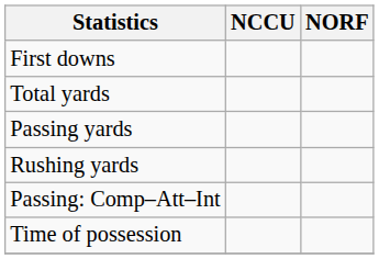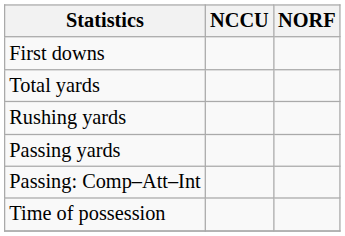 <table class="wikitable" style="float: left;">
 <tr>
 <th>Statistics</th>
 <th>NCCU</th>
 <th>NORF</th>
 </tr>
 <tr>
 <td>First downs</td>
 <td></td>
 <td></td>
 </tr>
 <tr>
 <td>Total yards</td>
 <td></td>
 <td></td>
 </tr>
 <tr>
-<td>Passing yards</td>
+<td>Rushing yards</td>
 <td></td>
 <td></td>
 </tr>
 <tr>
-<td>Rushing yards</td>
+<td>Passing yards</td>
 <td></td>
 <td></td>
 </tr>
 <tr>
 <td>Passing: Comp–Att–Int</td>
 <td></td>
 <td></td>
 </tr>
 <tr>
 <td>Time of possession</td>
 <td></td>
 <td></td>
 </tr>
 <tr>
 </tr>
 </table>
